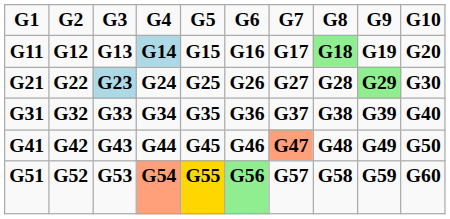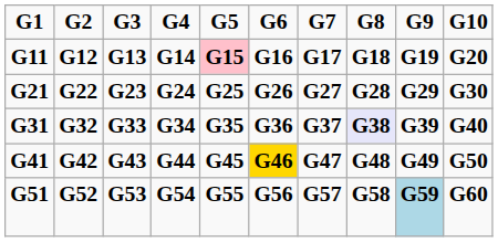 <table class="wikitable" style="text-align: center;">
 <tr valign="top">
 <td><strong>G1</strong><br></td>
 <td><strong>G2</strong><br></td>
 <td><strong>G3</strong><br></td>
 <td><strong>G4</strong><br></td>
 <td><strong>G5</strong><br></td>
 <td><strong>G6</strong><br></td>
 <td><strong>G7</strong><br></td>
 <td><strong>G8</strong><br></td>
 <td><strong>G9</strong><br></td>
 <td><strong>G10</strong><br></td>
 </tr>
 <tr valign="top">
 <td><strong>G11</strong><br></td>
 <td><strong>G12</strong><br></td>
 <td><strong>G13</strong><br></td>
-<td style="background: lightblue;"><strong>G14</strong><br></td>
-<td><strong>G15</strong><br></td>
+<td><strong>G14</strong><br></td>
+<td style="background: pink;"><strong>G15</strong><br></td>
 <td><strong>G16</strong><br></td>
 <td><strong>G17</strong><br></td>
-<td style="background: lightgreen;"><strong>G18</strong><br></td>
+<td><strong>G18</strong><br></td>
 <td><strong>G19</strong><br></td>
 <td><strong>G20</strong><br></td>
 </tr>
 <tr valign="top">
 <td><strong>G21</strong><br></td>
 <td><strong>G22</strong><br></td>
-<td style="background: lightblue;"><strong>G23</strong><br></td>
+<td><strong>G23</strong><br></td>
 <td><strong>G24</strong><br></td>
 <td><strong>G25</strong><br></td>
 <td><strong>G26</strong><br></td>
 <td><strong>G27</strong><br></td>
 <td><strong>G28</strong><br></td>
-<td style="background: lightgreen;"><strong>G29</strong><br></td>
+<td><strong>G29</strong><br></td>
 <td><strong>G30</strong><br></td>
 </tr>
 <tr valign="top">
 <td><strong>G31</strong><br></td>
 <td><strong>G32</strong><br></td>
 <td><strong>G33</strong><br></td>
 <td><strong>G34</strong><br></td>
 <td><strong>G35</strong><br></td>
 <td><strong>G36</strong><br></td>
 <td><strong>G37</strong><br></td>
-<td><strong>G38</strong><br></td>
+<td style="background: lavender;"><strong>G38</strong><br></td>
 <td><strong>G39</strong><br></td>
 <td><strong>G40</strong><br></td>
 </tr>
 <tr valign="top">
 <td><strong>G41</strong><br></td>
 <td><strong>G42</strong><br></td>
 <td><strong>G43</strong><br></td>
 <td><strong>G44</strong><br></td>
 <td><strong>G45</strong><br></td>
-<td><strong>G46</strong><br></td>
-<td style="background: lightsalmon;"><strong>G47</strong><br></td>
+<td style="background: gold;"><strong>G46</strong><br></td>
+<td><strong>G47</strong><br></td>
 <td><strong>G48</strong><br></td>
 <td><strong>G49</strong><br></td>
 <td><strong>G50</strong><br></td>
 </tr>
 <tr valign="top">
 <td><strong>G51</strong><br></td>
 <td><strong>G52</strong><br></td>
 <td><strong>G53</strong><br></td>
-<td style="background: lightsalmon;"><strong>G54</strong><br></td>
-<td style="background: gold;"><strong>G55</strong><br></td>
-<td style="background: lightgreen;"><strong>G56</strong><br></td>
+<td><strong>G54</strong><br></td>
+<td><strong>G55</strong><br></td>
+<td><strong>G56</strong><br></td>
 <td><strong>G57</strong><br></td>
 <td><strong>G58</strong><br></td>
-<td><strong>G59</strong><br></td>
+<td style="background: lightblue;"><strong>G59</strong><br></td>
 <td><strong>G60</strong><br><br></td>
 </tr>
 </table>
